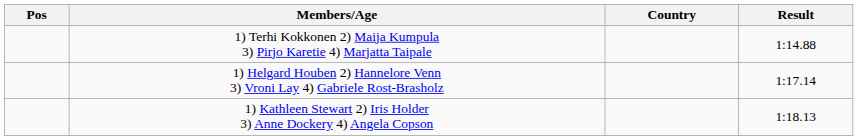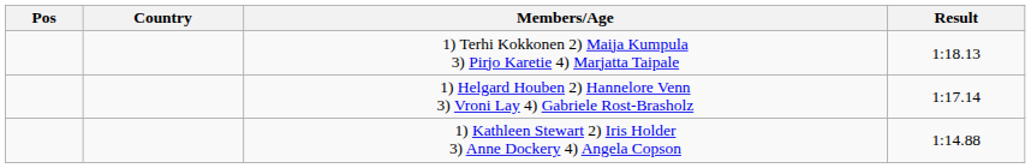 <table class="wikitable"  style="text-align:center; width:80%;">
 <tr>
 <th>Pos</th>
+<th>Country</th>
 <th>Members/Age</th>
-<th>Country</th>
 <th>Result</th>
 </tr>
 <tr>
 <td align=center></td>
+<td align=left></td>
 <td>1) Terhi Kokkonen 2) <a href='#'>Maija Kumpula</a><br>3) <a href='#'>Pirjo Karetie</a> 4) <a href='#'>Marjatta Taipale</a></td>
-<td align=left></td>
-<td>1:14.88</td>
+<td>1:18.13</td>
 </tr>
 <tr>
 <td align=center></td>
+<td align=left></td>
 <td>1) <a href='#'>Helgard Houben</a> 2) <a href='#'>Hannelore Venn</a><br>3) <a href='#'>Vroni Lay</a> 4) <a href='#'>Gabriele Rost-Brasholz</a></td>
-<td align=left></td>
 <td>1:17.14</td>
 </tr>
 <tr>
 <td align=center></td>
+<td align=left></td>
 <td>1) <a href='#'>Kathleen Stewart</a> 2) <a href='#'>Iris Holder</a><br>3) <a href='#'>Anne Dockery</a> 4) <a href='#'>Angela Copson</a></td>
-<td align=left></td>
-<td>1:18.13</td>
+<td>1:14.88</td>
 </tr>
 </table>
